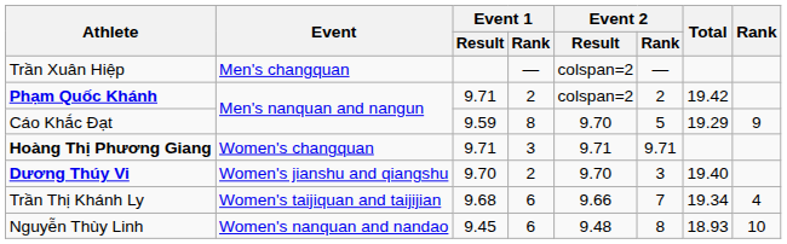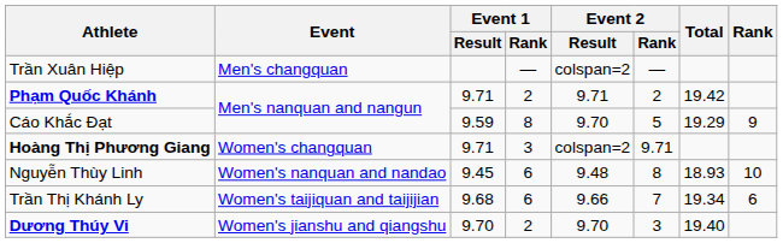 <table class=wikitable style=font-size:90%;text-align:center>
 <tr>
 <th rowspan="2">Athlete</th>
 <th rowspan="2">Event</th>
 <th colspan="2">Event 1</th>
 <th colspan="2">Event 2</th>
 <th rowspan="2">Total</th>
 <th rowspan="2">Rank</th>
 </tr>
 <tr style="font-size:95%">
 <th>Result</th>
 <th>Rank</th>
 <th>Result</th>
 <th>Rank</th>
 </tr>
 <tr>
 <td align=left>Trần Xuân Hiệp</td>
 <td align=left><a href='#'>Men's changquan</a></td>
 <td></td>
 <td>—</td>
 <td>colspan=2 </td>
 <td>—</td>
 <td></td>
 </tr>
 <tr>
 <td align=left><strong><a href='#'>Phạm Quốc Khánh</a></strong></td>
 <td align=left rowspan=2><a href='#'>Men's nanquan and nangun</a></td>
 <td>9.71</td>
 <td>2</td>
-<td>colspan=2 </td>
+<td>9.71</td>
 <td>2</td>
 <td>19.42</td>
 <td></td>
 </tr>
 <tr>
 <td align=left>Cáo Khắc Đạt</td>
 <td>9.59</td>
 <td>8</td>
 <td>9.70</td>
 <td>5</td>
 <td>19.29</td>
 <td>9</td>
 </tr>
 <tr>
 <td align=left><strong>Hoàng Thị Phương Giang</strong></td>
 <td align=left><a href='#'>Women's changquan</a></td>
 <td>9.71</td>
 <td>3</td>
-<td>9.71</td>
+<td>colspan=2 </td>
 <td>9.71</td>
 <td></td>
+</tr>
+<tr>
+<td align=left>Nguyễn Thùy Linh</td>
+<td align=left><a href='#'>Women's nanquan and nandao</a></td>
+<td>9.45</td>
+<td>6</td>
+<td>9.48</td>
+<td>8</td>
+<td>18.93</td>
+<td>10</td>
+</tr>
+<tr>
+<td align=left>Trần Thị Khánh Ly</td>
+<td align=left><a href='#'>Women's taijiquan and taijijian</a></td>
+<td>9.68</td>
+<td>6</td>
+<td>9.66</td>
+<td>7</td>
+<td>19.34</td>
+<td>6</td>
 </tr>
 <tr>
 <td align=left><strong><a href='#'>Dương Thúy Vi</a></strong></td>
 <td align=left><a href='#'>Women's jianshu and qiangshu</a></td>
 <td>9.70</td>
 <td>2</td>
 <td>9.70</td>
 <td>3</td>
 <td>19.40</td>
 <td></td>
 </tr>
-<tr>
-<td align=left>Trần Thị Khánh Ly</td>
-<td align=left><a href='#'>Women's taijiquan and taijijian</a></td>
-<td>9.68</td>
-<td>6</td>
-<td>9.66</td>
-<td>7</td>
-<td>19.34</td>
-<td>4</td>
-</tr>
-<tr>
-<td align=left>Nguyễn Thùy Linh</td>
-<td align=left><a href='#'>Women's nanquan and nandao</a></td>
-<td>9.45</td>
-<td>6</td>
-<td>9.48</td>
-<td>8</td>
-<td>18.93</td>
-<td>10</td>
-</tr>
 </table>
